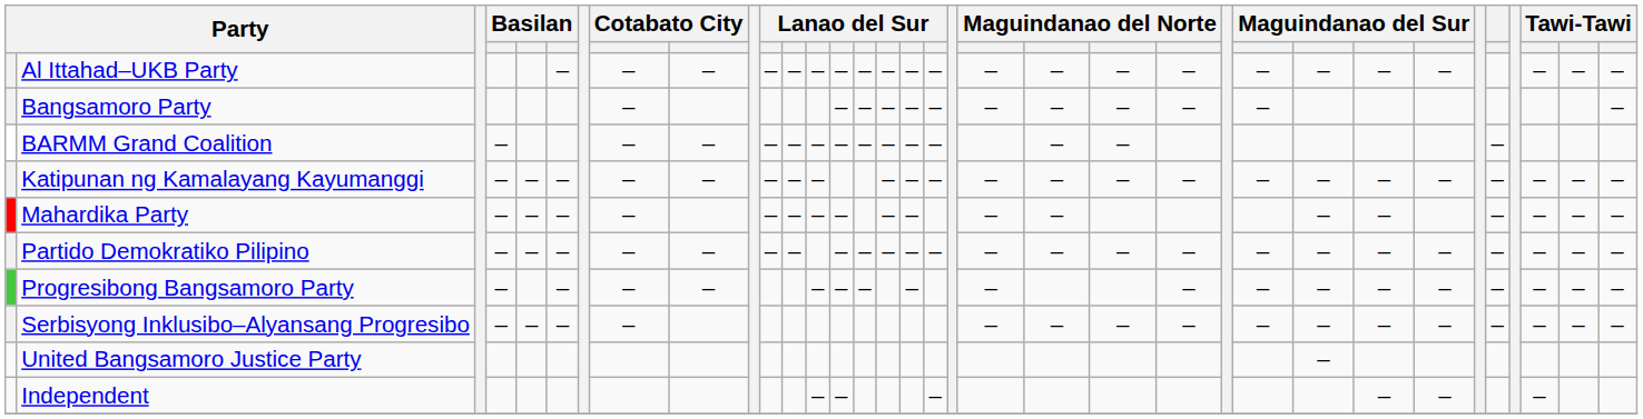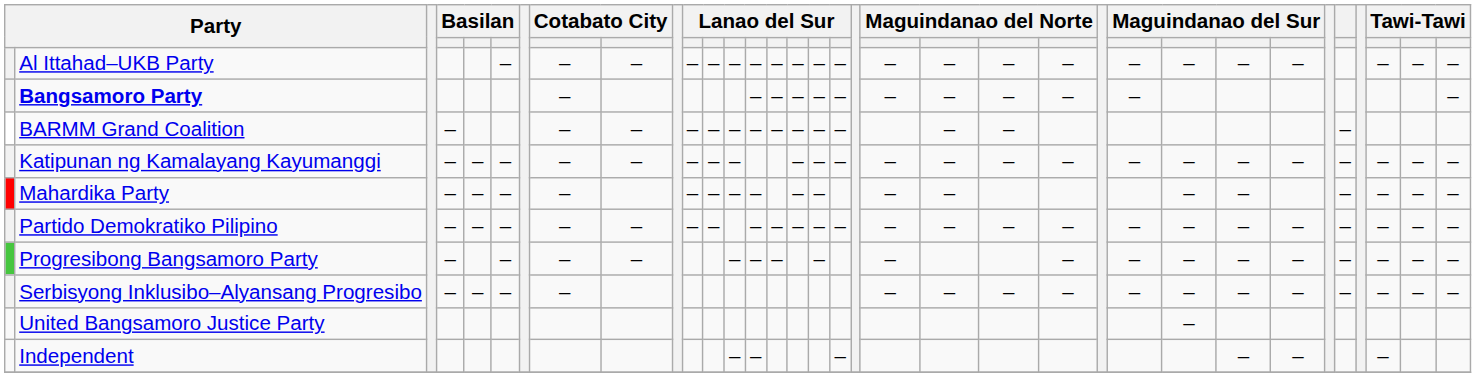 <table class=wikitable style=font-size:90%;text-align:center>
 <tr>
 <th rowspan=2 colspan="2">Party</th>
 <th rowspan=12></th>
 <th colspan="3" class="unsortable">Basilan</th>
 <th rowspan=12></th>
 <th colspan="2" class="unsortable">Cotabato City</th>
 <th rowspan=12></th>
 <th colspan="8" class="unsortable">Lanao del Sur</th>
 <th rowspan=12></th>
 <th colspan="4" class="unsortable">Maguindanao del Norte</th>
 <th rowspan=12></th>
 <th colspan="4" class="unsortable">Maguindanao del Sur</th>
 <th rowspan=12></th>
 <th colspan="1" class="unsortable"></th>
 <th rowspan=12></th>
 <th colspan="3" class="unsortable">Tawi-Tawi</th>
 </tr>
 <tr>
 <th></th>
 <th></th>
 <th></th>
 <th></th>
 <th></th>
 <th></th>
 <th></th>
 <th></th>
 <th></th>
 <th></th>
 <th></th>
 <th></th>
 <th></th>
 <th></th>
 <th></th>
 <th></th>
 <th></th>
 <th></th>
 <th></th>
 <th></th>
 <th></th>
 <th></th>
 <th></th>
 <th></th>
 <th></th>
 </tr>
 <tr>
 <th style="background:"></th>
 <td align=left><a href='#'>Al Ittahad–UKB Party</a></td>
 <td></td>
 <td></td>
 <td>–</td>
 <td>–</td>
 <td>–</td>
 <td>–</td>
 <td>–</td>
 <td>–</td>
 <td>–</td>
 <td>–</td>
 <td>–</td>
 <td>–</td>
 <td>–</td>
 <td>–</td>
 <td>–</td>
 <td>–</td>
 <td>–</td>
 <td>–</td>
 <td>–</td>
 <td>–</td>
 <td>–</td>
 <td></td>
 <td>–</td>
 <td>–</td>
 <td>–</td>
 </tr>
 <tr>
 <th style="background:"></th>
-<td align=left><a href='#'>Bangsamoro Party</a></td>
+<td align=left><strong><a href='#'>Bangsamoro Party</a></strong></td>
 <td></td>
 <td></td>
 <td></td>
 <td>–</td>
 <td></td>
 <td></td>
 <td></td>
 <td></td>
 <td>–</td>
 <td>–</td>
 <td>–</td>
 <td>–</td>
 <td>–</td>
 <td>–</td>
 <td>–</td>
 <td>–</td>
 <td>–</td>
 <td>–</td>
 <td></td>
 <td></td>
 <td></td>
 <td></td>
 <td></td>
 <td></td>
 <td>–</td>
 </tr>
 <tr>
 <td bgcolor="#FFFFFF"></td>
 <td align=left><a href='#'>BARMM Grand Coalition</a></td>
 <td>–</td>
 <td></td>
 <td></td>
 <td>–</td>
 <td>–</td>
 <td>–</td>
 <td>–</td>
 <td>–</td>
 <td>–</td>
 <td>–</td>
 <td>–</td>
 <td>–</td>
 <td>–</td>
 <td></td>
 <td>–</td>
 <td>–</td>
 <td></td>
 <td></td>
 <td></td>
 <td></td>
 <td></td>
 <td>–</td>
 <td></td>
 <td></td>
 <td></td>
 </tr>
 <tr>
 <th style="background:"></th>
 <td align=left><a href='#'>Katipunan ng Kamalayang Kayumanggi</a></td>
 <td>–</td>
 <td>–</td>
 <td>–</td>
 <td>–</td>
 <td>–</td>
 <td>–</td>
 <td>–</td>
 <td>–</td>
 <td></td>
 <td></td>
 <td>–</td>
 <td>–</td>
 <td>–</td>
 <td>–</td>
 <td>–</td>
 <td>–</td>
 <td>–</td>
 <td>–</td>
 <td>–</td>
 <td>–</td>
 <td>–</td>
 <td>–</td>
 <td>–</td>
 <td>–</td>
 <td>–</td>
 </tr>
 <tr>
 <th style="background:red;"></th>
 <td align=left><a href='#'>Mahardika Party</a></td>
 <td>–</td>
 <td>–</td>
 <td>–</td>
 <td>–</td>
 <td></td>
 <td>–</td>
 <td>–</td>
 <td>–</td>
 <td>–</td>
 <td></td>
 <td>–</td>
 <td>–</td>
 <td></td>
 <td>–</td>
 <td>–</td>
 <td></td>
 <td></td>
 <td></td>
 <td>–</td>
 <td>–</td>
 <td></td>
 <td>–</td>
 <td>–</td>
 <td>–</td>
 <td>–</td>
 </tr>
 <tr>
 <th style="background:"></th>
 <td align=left><a href='#'>Partido Demokratiko Pilipino</a></td>
 <td>–</td>
 <td>–</td>
 <td>–</td>
 <td>–</td>
 <td>–</td>
 <td>–</td>
 <td>–</td>
 <td></td>
 <td>–</td>
 <td>–</td>
 <td>–</td>
 <td>–</td>
 <td>–</td>
 <td>–</td>
 <td>–</td>
 <td>–</td>
 <td>–</td>
 <td>–</td>
 <td>–</td>
 <td>–</td>
 <td>–</td>
 <td>–</td>
 <td>–</td>
 <td>–</td>
 <td>–</td>
 </tr>
 <tr>
 <td bgcolor="#46C63F"></td>
 <td align=left><a href='#'>Progresibong Bangsamoro Party</a></td>
 <td>–</td>
 <td></td>
 <td>–</td>
 <td>–</td>
 <td>–</td>
 <td></td>
 <td></td>
 <td>–</td>
 <td>–</td>
 <td>–</td>
 <td></td>
 <td>–</td>
 <td></td>
 <td>–</td>
 <td></td>
 <td></td>
 <td>–</td>
 <td>–</td>
 <td>–</td>
 <td>–</td>
 <td>–</td>
 <td>–</td>
 <td>–</td>
 <td>–</td>
 <td>–</td>
 </tr>
 <tr>
 <th style="background:"></th>
 <td align=left><a href='#'>Serbisyong Inklusibo–Alyansang Progresibo</a></td>
 <td>–</td>
 <td>–</td>
 <td>–</td>
 <td>–</td>
 <td></td>
 <td></td>
 <td></td>
 <td></td>
 <td></td>
 <td></td>
 <td></td>
 <td></td>
 <td></td>
 <td>–</td>
 <td>–</td>
 <td>–</td>
 <td>–</td>
 <td>–</td>
 <td>–</td>
 <td>–</td>
 <td>–</td>
 <td>–</td>
 <td>–</td>
 <td>–</td>
 <td>–</td>
 </tr>
 <tr>
 <td></td>
 <td align=left><a href='#'>United Bangsamoro Justice Party</a></td>
 <td></td>
 <td></td>
 <td></td>
 <td></td>
 <td></td>
 <td></td>
 <td></td>
 <td></td>
 <td></td>
 <td></td>
 <td></td>
 <td></td>
 <td></td>
 <td></td>
 <td></td>
 <td></td>
 <td></td>
 <td></td>
 <td>–</td>
 <td></td>
 <td></td>
 <td></td>
 <td></td>
 <td></td>
 <td></td>
 </tr>
 <tr>
 <td></td>
 <td align=left><a href='#'>Independent</a></td>
 <td></td>
 <td></td>
 <td></td>
 <td></td>
 <td></td>
 <td></td>
 <td></td>
 <td>–</td>
 <td>–</td>
 <td></td>
 <td></td>
 <td></td>
 <td>–</td>
 <td></td>
 <td></td>
 <td></td>
 <td></td>
 <td></td>
 <td></td>
 <td>–</td>
 <td>–</td>
 <td></td>
 <td>–</td>
 <td></td>
 <td></td>
 </tr>
 <tr>
 </tr>
 </table>
